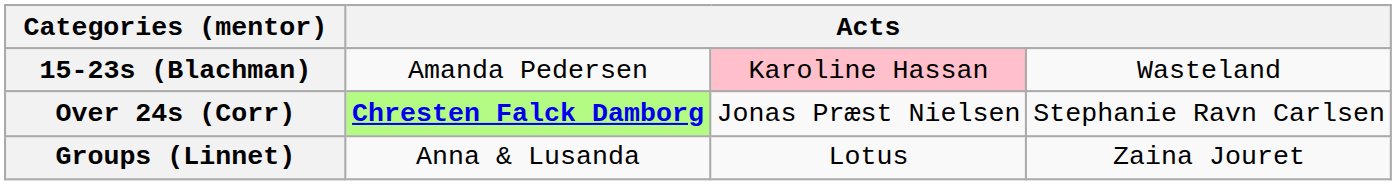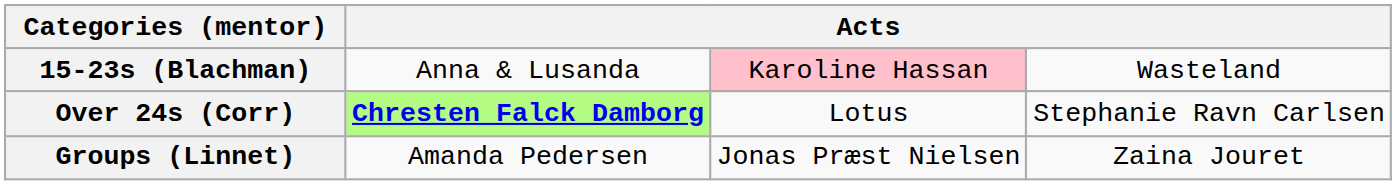 <table class="wikitable" style="text-align:center">
 <tr>
 <th scope="col" style="width:160px;">Categories (mentor)</th>
 <th scope="col" colspan="4" style="width:500px;">Acts</th>
 </tr>
 <tr>
 <th scope="row">15-23s (Blachman)</th>
-<td>Amanda Pedersen</td>
+<td>Anna & Lusanda</td>
 <td style="background:pink">Karoline Hassan</td>
 <td>Wasteland</td>
 </tr>
 <tr>
 <th scope="row">Over 24s (Corr)</th>
 <td bgcolor="#B4FB84"><strong><a href='#'>Chresten Falck Damborg</a></strong></td>
-<td>Jonas Præst Nielsen</td>
+<td>Lotus</td>
 <td>Stephanie Ravn Carlsen</td>
 </tr>
 <tr>
 <th scope="row">Groups (Linnet)</th>
-<td>Anna & Lusanda</td>
-<td>Lotus</td>
+<td>Amanda Pedersen</td>
+<td>Jonas Præst Nielsen</td>
 <td>Zaina Jouret</td>
 </tr>
 </table>
